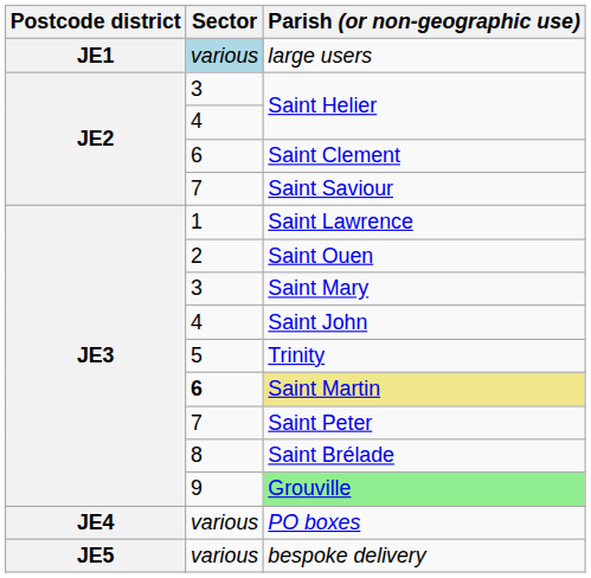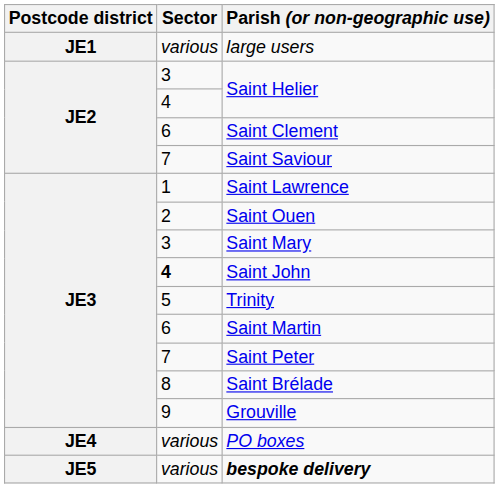 <table class="wikitable">
 <tr>
 <th scope="col">Postcode district</th>
 <th scope="col">Sector</th>
 <th scope="col">Parish <em>(or non-geographic use)</em></th>
 </tr>
 <tr>
 <th scope="row">JE1</th>
-<td style="background: lightblue;"><em>various</em></td>
+<td><em>various</em></td>
 <td><em>large users</em></td>
 </tr>
 <tr>
 <th scope="row" rowspan="4">JE2</th>
 <td>3</td>
 <td rowspan="2"><a href='#'>Saint Helier</a></td>
 </tr>
 <tr>
 <td>4</td>
 </tr>
 <tr>
 <td>6</td>
 <td><a href='#'>Saint Clement</a></td>
 </tr>
 <tr>
 <td>7</td>
 <td><a href='#'>Saint Saviour</a></td>
 </tr>
 <tr>
 <th scope="row" rowspan="9">JE3</th>
 <td>1</td>
 <td><a href='#'>Saint Lawrence</a></td>
 </tr>
 <tr>
 <td>2</td>
 <td><a href='#'>Saint Ouen</a></td>
 </tr>
 <tr>
 <td>3</td>
 <td><a href='#'>Saint Mary</a></td>
 </tr>
 <tr>
-<td>4</td>
+<td><strong>4</strong></td>
 <td><a href='#'>Saint John</a></td>
 </tr>
 <tr>
 <td>5</td>
 <td><a href='#'>Trinity</a></td>
 </tr>
 <tr>
-<td><strong>6</strong></td>
-<td style="background: khaki;"><a href='#'>Saint Martin</a></td>
+<td>6</td>
+<td><a href='#'>Saint Martin</a></td>
 </tr>
 <tr>
 <td>7</td>
 <td><a href='#'>Saint Peter</a></td>
 </tr>
 <tr>
 <td>8</td>
 <td><a href='#'>Saint Brélade</a></td>
 </tr>
 <tr>
 <td>9</td>
-<td style="background: lightgreen;"><a href='#'>Grouville</a></td>
+<td><a href='#'>Grouville</a></td>
 </tr>
 <tr>
 <th scope="row">JE4</th>
 <td><em>various</em></td>
 <td><em><a href='#'>PO boxes</a></em></td>
 </tr>
 <tr>
 <th scope="row">JE5</th>
 <td><em>various</em></td>
-<td><em>bespoke delivery</em></td>
+<td><strong><em>bespoke delivery</em></strong></td>
 </tr>
 </table>
